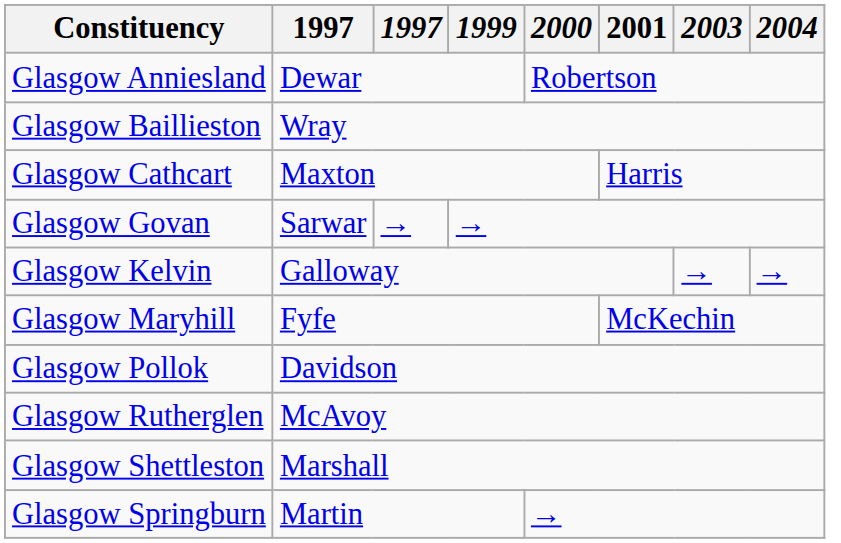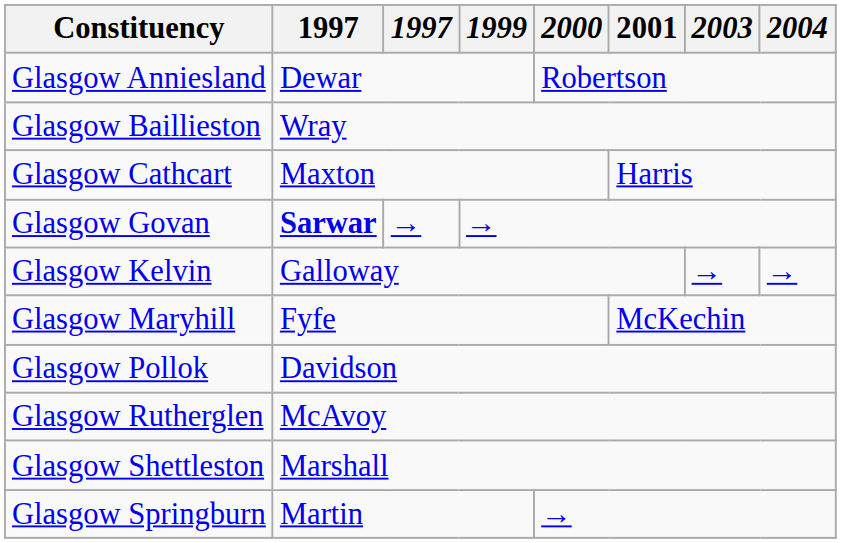 <table class="wikitable">
 <tr>
 <th>Constituency</th>
 <th>1997</th>
 <th><em>1997</em></th>
 <th><em>1999</em></th>
 <th><em>2000</em></th>
 <th>2001</th>
 <th><em>2003</em></th>
 <th><em>2004</em></th>
 </tr>
 <tr>
 <td><a href='#'>Glasgow Anniesland</a></td>
 <td colspan="3"><a href='#'>Dewar</a></td>
 <td colspan="4"><a href='#'>Robertson</a></td>
 </tr>
 <tr>
 <td><a href='#'>Glasgow Baillieston</a></td>
 <td colspan="7"><a href='#'>Wray</a></td>
 </tr>
 <tr>
 <td><a href='#'>Glasgow Cathcart</a></td>
 <td colspan="4"><a href='#'>Maxton</a></td>
 <td colspan="3"><a href='#'>Harris</a></td>
 </tr>
 <tr>
 <td><a href='#'>Glasgow Govan</a></td>
-<td><a href='#'>Sarwar</a></td>
+<td><strong><a href='#'>Sarwar</a></strong></td>
 <td><a href='#'>→</a></td>
 <td colspan="5"><a href='#'>→</a></td>
 </tr>
 <tr>
 <td><a href='#'>Glasgow Kelvin</a></td>
 <td colspan="5"><a href='#'>Galloway</a></td>
 <td><a href='#'>→</a></td>
 <td><a href='#'>→</a></td>
 </tr>
 <tr>
 <td><a href='#'>Glasgow Maryhill</a></td>
 <td colspan="4"><a href='#'>Fyfe</a></td>
 <td colspan="3"><a href='#'>McKechin</a></td>
 </tr>
 <tr>
 <td><a href='#'>Glasgow Pollok</a></td>
 <td colspan="7"><a href='#'>Davidson</a></td>
 </tr>
 <tr>
 <td><a href='#'>Glasgow Rutherglen</a></td>
 <td colspan="7"><a href='#'>McAvoy</a></td>
 </tr>
 <tr>
 <td><a href='#'>Glasgow Shettleston</a></td>
 <td colspan="7"><a href='#'>Marshall</a></td>
 </tr>
 <tr>
 <td><a href='#'>Glasgow Springburn</a></td>
 <td colspan="3"><a href='#'>Martin</a></td>
 <td colspan="4"><a href='#'>→</a></td>
 </tr>
 </table>
